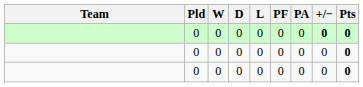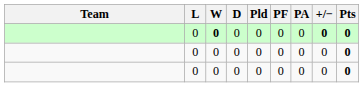 <table class="wikitable" style="text-align:center">
 <tr>
 <th width="230">Team</th>
-<th width="20">Pld</th>
+<th width="20">L</th>
 <th width="20">W</th>
 <th width="20">D</th>
-<th width="20">L</th>
+<th width="20">Pld</th>
 <th width="20">PF</th>
 <th width="20">PA</th>
 <th width="25">+/−</th>
 <th width="20">Pts</th>
 </tr>
 <tr style="background: #ccffcc;">
 <td style="text-align:left;"></td>
 <td>0</td>
-<td>0</td>
+<td><strong>0</strong></td>
 <td>0</td>
 <td>0</td>
 <td>0</td>
 <td>0</td>
 <td><strong>0</strong></td>
 <td><strong>0</strong></td>
 </tr>
 <tr>
 <td style="text-align:left;"></td>
 <td>0</td>
 <td>0</td>
 <td>0</td>
 <td>0</td>
 <td>0</td>
 <td>0</td>
 <td>0</td>
 <td><strong>0</strong></td>
 </tr>
 <tr>
 <td style="text-align:left;"></td>
 <td>0</td>
 <td>0</td>
 <td>0</td>
 <td>0</td>
 <td>0</td>
 <td>0</td>
 <td>0</td>
 <td><strong>0</strong></td>
 </tr>
 </table>
